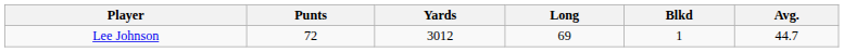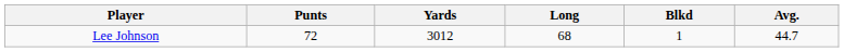 <table class="wikitable" width="80%" style="text-align:center">
 <tr>
 <th>Player</th>
 <th>Punts</th>
 <th>Yards</th>
 <th>Long</th>
 <th>Blkd</th>
 <th>Avg.</th>
 </tr>
 <tr>
 <td><a href='#'>Lee Johnson</a></td>
 <td>72</td>
 <td>3012</td>
-<td>69</td>
+<td>68</td>
 <td>1</td>
 <td>44.7</td>
 </tr>
 </table>
